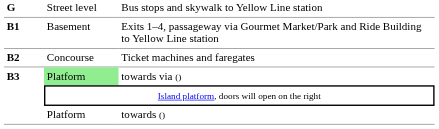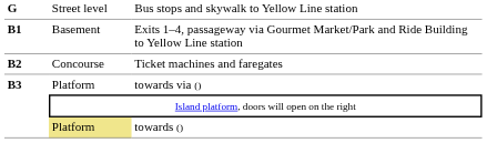 <table table border=0 cellspacing=0 cellpadding=4>
 <tr>
 <td style = "border-bottom:solid 1px gray;" rowspan=1 valign=top><strong>G</strong></td>
 <td style = "border-bottom:solid 1px gray;" valign=top>Street level</td>
 <td style = "border-bottom:solid 1px gray;" valign=top>Bus stops and skywalk to Yellow Line station</td>
 </tr>
 <tr>
 <td style = "border-bottom:solid 1px gray;" rowspan=1 valign=top><strong>B1</strong></td>
 <td style = "border-bottom:solid 1px gray;" valign=top>Basement</td>
 <td style = "border-bottom:solid 1px gray;" valign=top>   Exits 1–4, passageway via Gourmet Market/Park and Ride Building to Yellow Line station</td>
 </tr>
 <tr>
 <td style = "border-bottom:solid 1px gray;" rowspan=1 valign=top><strong>B2</strong></td>
 <td style = "border-bottom:solid 1px gray;" valign=top>Concourse</td>
 <td style = "border-bottom:solid 1px gray;" valign=top>  Ticket machines and faregates</td>
 </tr>
 <tr>
 <td style="border-bottom:solid 1px gray;" rowspan=3 valign=top width=50><strong>B3</strong></td>
-<td width=100 style="background: lightgreen;">Platform </td>
+<td width=100>Platform </td>
 <td width=450> towards  via  <small>()</small></td>
 </tr>
 <tr>
 <td style = "border-top:solid 2px black;border-right:solid 2px black;border-left:solid 2px black;border-bottom:solid 2px black; text-align:center;" colspan=2><small><a href='#'>Island platform</a>, doors will open on the right</small></td>
 </tr>
 <tr>
-<td style="border-bottom:solid 1px gray;" width=100>Platform </td>
+<td style="background: khaki; border-bottom:solid 1px gray;" width=100>Platform </td>
 <td style="border-bottom:solid 1px gray;" width=450> towards  <small>()</small></td>
 </tr>
 </table>
